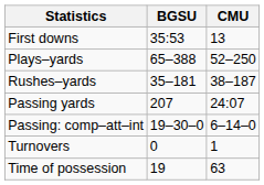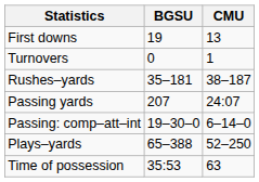 <table class="wikitable" style="float:left">
 <tr>
 <th>Statistics</th>
 <th>BGSU</th>
 <th>CMU</th>
 </tr>
 <tr>
 <td>First downs</td>
-<td>35:53</td>
+<td>19</td>
 <td>13</td>
 </tr>
 <tr>
-<td>Plays–yards</td>
-<td>65–388</td>
-<td>52–250</td>
+<td>Turnovers</td>
+<td>0</td>
+<td>1</td>
 </tr>
 <tr>
 <td>Rushes–yards</td>
 <td>35–181</td>
 <td>38–187</td>
 </tr>
 <tr>
 <td>Passing yards</td>
 <td>207</td>
 <td>24:07</td>
 </tr>
 <tr>
 <td>Passing: comp–att–int</td>
 <td>19–30–0</td>
 <td>6–14–0</td>
 </tr>
 <tr>
-<td>Turnovers</td>
-<td>0</td>
-<td>1</td>
+<td>Plays–yards</td>
+<td>65–388</td>
+<td>52–250</td>
 </tr>
 <tr>
 <td>Time of possession</td>
-<td>19</td>
+<td>35:53</td>
 <td>63</td>
 </tr>
 </table>
